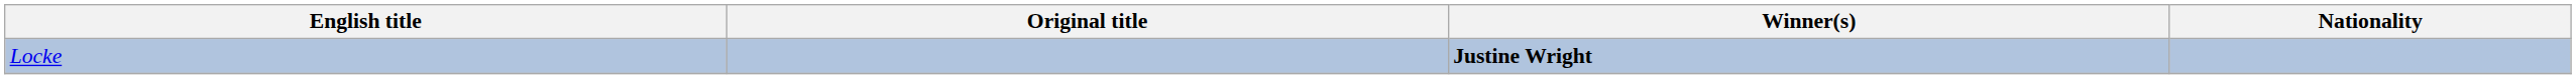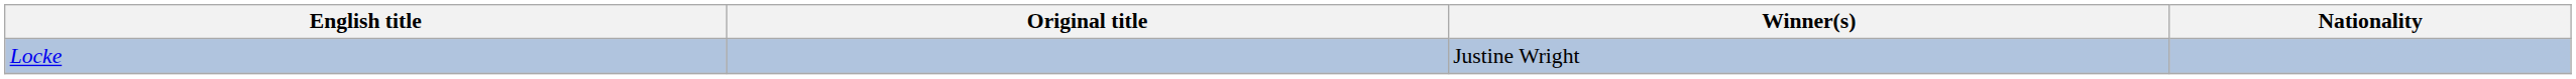 <table class="wikitable" width="95%" cellpadding="5">
 <tr>
 <th width="18%">English title</th>
 <th width="18%">Original title</th>
 <th width="18%">Winner(s)</th>
 <th width="10%">Nationality</th>
 </tr>
 <tr style="background:#B0C4DE;">
 <td><em><a href='#'>Locke</a></em></td>
 <td></td>
-<td><strong>Justine Wright</strong></td>
+<td>Justine Wright</td>
 <td></td>
 </tr>
 <tr>
 </tr>
 </table>
